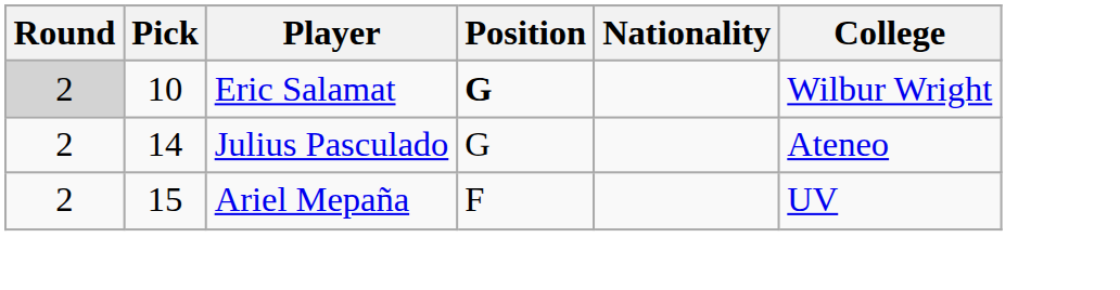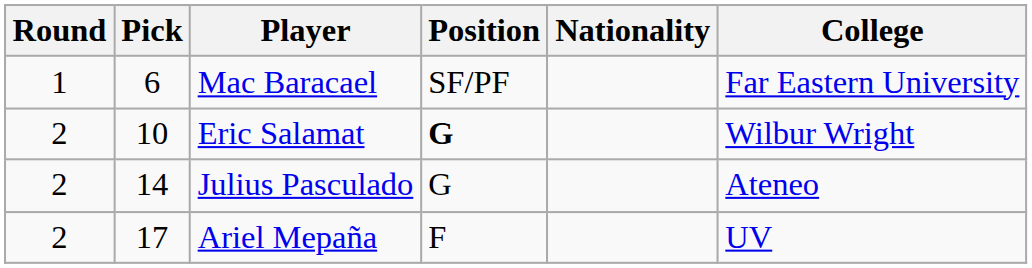 <table class="wikitable sortable sortable">
 <tr>
 <th>Round</th>
 <th>Pick</th>
 <th>Player</th>
 <th>Position</th>
 <th>Nationality</th>
 <th>College</th>
 </tr>
 <tr>
-<td align=center style="background: lightgrey;">2</td>
+<td align=center>1</td>
+<td align=center>6</td>
+<td><a href='#'>Mac Baracael</a></td>
+<td>SF/PF</td>
+<td></td>
+<td><a href='#'>Far Eastern University</a></td>
+</tr>
+<tr>
+<td align=center>2</td>
 <td align=center>10</td>
 <td><a href='#'>Eric Salamat</a></td>
 <td><strong>G</strong></td>
 <td></td>
 <td><a href='#'>Wilbur Wright</a></td>
 </tr>
 <tr>
 <td align=center>2</td>
 <td align=center>14</td>
 <td><a href='#'>Julius Pasculado</a></td>
 <td>G</td>
 <td></td>
 <td><a href='#'>Ateneo</a></td>
 </tr>
 <tr>
 <td align=center>2</td>
-<td align=center>15</td>
+<td align=center>17</td>
 <td><a href='#'>Ariel Mepaña</a></td>
 <td>F</td>
 <td></td>
 <td><a href='#'>UV</a></td>
 </tr>
 </table>
